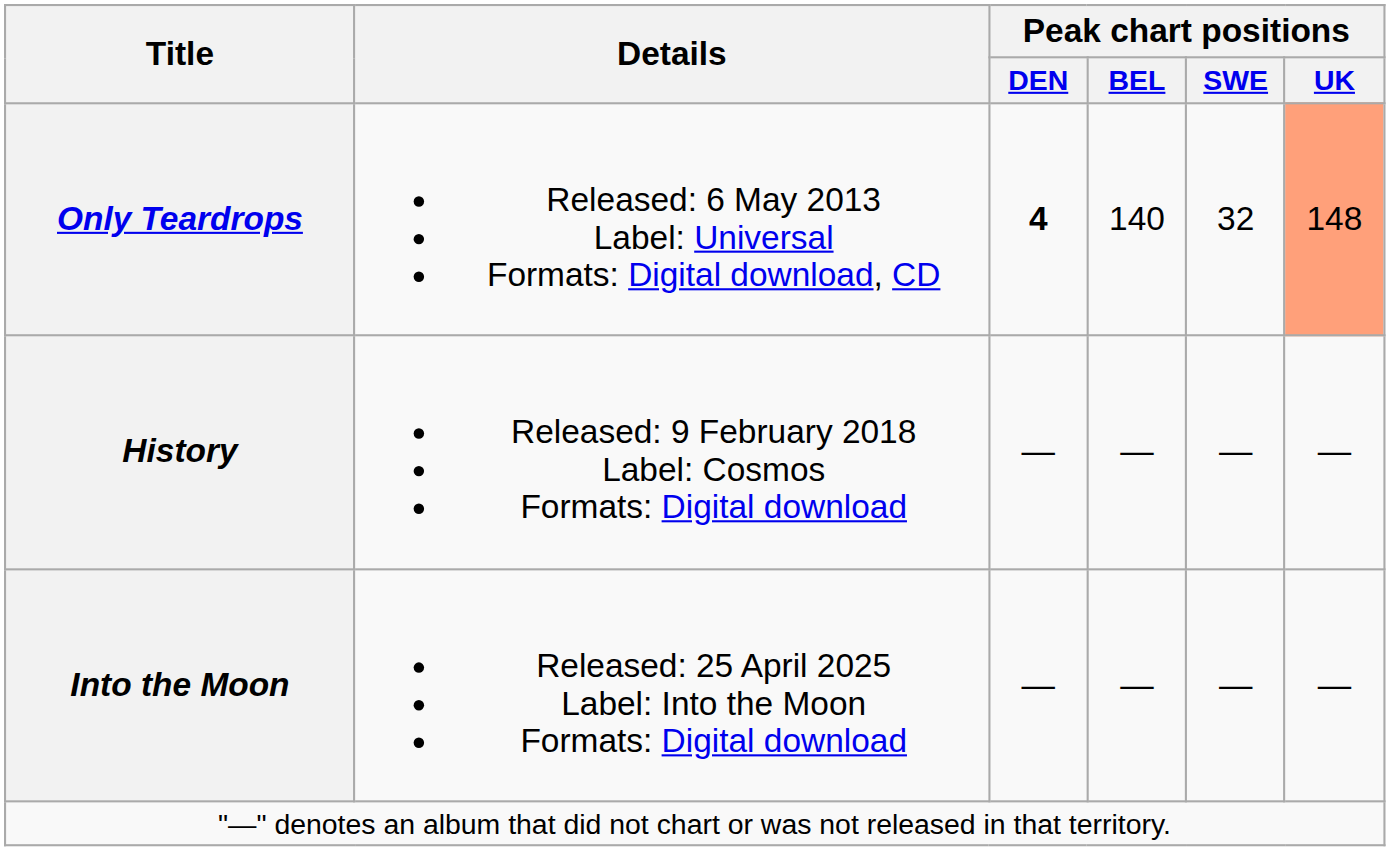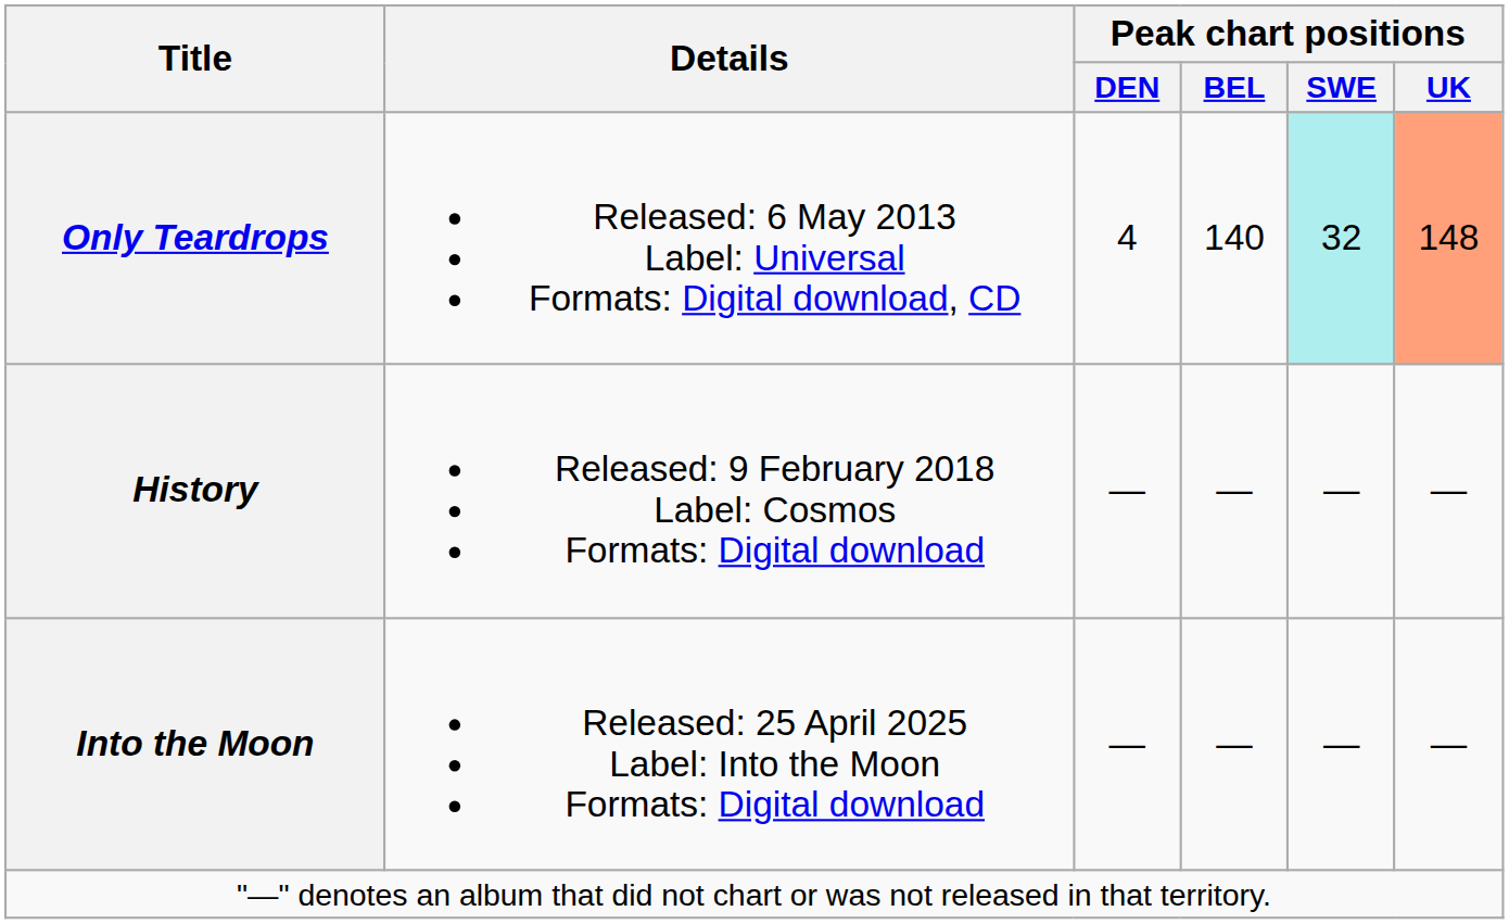 <table class="wikitable plainrowheaders" style="text-align:center;">
 <tr>
 <th scope="col" rowspan="2" style="width:10em;">Title</th>
 <th scope="col" rowspan="2" style="width:18.5em;">Details</th>
 <th scope="col" colspan="4">Peak chart positions</th>
 </tr>
 <tr>
 <th scope="col" style="width:3em;font-size:85%;"><a href='#'>DEN</a><br></th>
 <th scope="col" style="width:3em;font-size:85%;"><a href='#'>BEL</a><br></th>
 <th scope="col" style="width:3em;font-size:85%;"><a href='#'>SWE</a><br></th>
 <th scope="col" style="width:3em;font-size:85%;"><a href='#'>UK</a><br></th>
 </tr>
 <tr>
 <th scope="row"><em><a href='#'>Only Teardrops</a></em></th>
 <td><br><ul><li>Released: 6 May 2013</li><li>Label: <a href='#'>Universal</a></li><li>Formats: <a href='#'>Digital download</a>, <a href='#'>CD</a></li></ul></td>
-<td><strong>4</strong></td>
+<td>4</td>
 <td>140</td>
-<td>32</td>
+<td style="background: paleturquoise;">32</td>
 <td style="background: lightsalmon;">148</td>
 </tr>
 <tr>
 <th scope="row"><em>History</em></th>
 <td><br><ul><li>Released: 9 February 2018</li><li>Label: Cosmos</li><li>Formats: <a href='#'>Digital download</a></li></ul></td>
 <td>—</td>
 <td>—</td>
 <td>—</td>
 <td>—</td>
 </tr>
 <tr>
 <th scope="row"><em>Into the Moon</em></th>
 <td><br><ul><li>Released: 25 April 2025</li><li>Label: Into the Moon</li><li>Formats: <a href='#'>Digital download</a></li></ul></td>
 <td>—</td>
 <td>—</td>
 <td>—</td>
 <td>—</td>
 </tr>
 <tr>
 <td colspan="18" style="font-size:85%">"—" denotes an album that did not chart or was not released in that territory.</td>
 </tr>
 </table>
